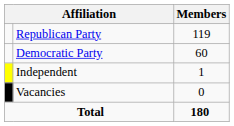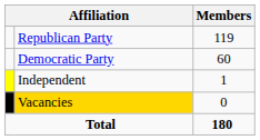 <table class="wikitable">
 <tr>
 <th colspan=2 align=center valign=bottom>Affiliation</th>
 <th colspan=2 align=center valign=bottom>Members</th>
 </tr>
 <tr>
 <td></td>
 <td width="201"><a href='#'>Republican Party</a></td>
 <td colspan=2 align=center>119</td>
 </tr>
 <tr>
 <td></td>
 <td><a href='#'>Democratic Party</a></td>
 <td colspan=2 align=center>60</td>
 </tr>
 <tr>
 <td bgcolor="yellow"> </td>
 <td>Independent</td>
 <td colspan=2 align=center>1</td>
 </tr>
 <tr>
 <td bgcolor="black"> </td>
-<td>Vacancies</td>
+<td style="background: gold;">Vacancies</td>
 <td colspan=2 align=center>0</td>
 </tr>
 <tr>
 <td colspan=2 align=center> <strong>Total</strong></td>
 <td colspan=2 align=center><strong>180</strong> </td>
 </tr>
 </table>
